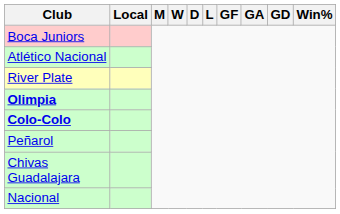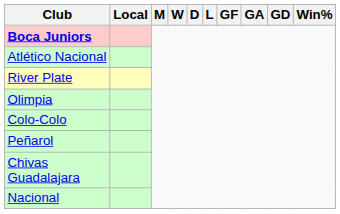 <table class="wikitable plainrowheaders sortable">
 <tr>
 <th width=120px scope="col">Club</th>
 <th scope="col">Local</th>
 <th scope="col">M</th>
 <th scope="col">W</th>
 <th scope="col">D</th>
 <th scope="col">L</th>
 <th scope="col">GF</th>
 <th scope="col">GA</th>
 <th scope="col">GD</th>
 <th scope="col">Win%</th>
 </tr>
 <tr style="background-color:#fcc">
-<td scope="row"><a href='#'>Boca Juniors</a></td>
+<td scope="row"><strong><a href='#'>Boca Juniors</a></strong></td>
 <td align=center><br></td>
 </tr>
 <tr style="background-color:#cfc">
 <td scope="row"><a href='#'>Atlético Nacional</a></td>
 <td align=center><br></td>
 </tr>
 <tr style="background-color:#ffffbb">
 <td scope="row"><a href='#'>River Plate</a></td>
 <td align=center><br></td>
 </tr>
 <tr style="background-color:#cfc">
-<td scope="row"><strong><a href='#'>Olimpia</a></strong></td>
+<td scope="row"><a href='#'>Olimpia</a></td>
 <td align=center><br></td>
 </tr>
 <tr style="background-color:#cfc">
-<td scope="row"><strong><a href='#'>Colo-Colo</a></strong></td>
+<td scope="row"><a href='#'>Colo-Colo</a></td>
 <td align=center><br></td>
 </tr>
 <tr style="background-color:#cfc">
 <td scope="row"><a href='#'>Peñarol</a></td>
 <td align=center><br></td>
 </tr>
 <tr style="background-color:#cfc">
 <td scope="row"><a href='#'>Chivas Guadalajara</a></td>
 <td align=center><br></td>
 </tr>
 <tr style="background-color:#cfc">
 <td scope="row"><a href='#'>Nacional</a></td>
 <td align=center><br></td>
 </tr>
 </table>
